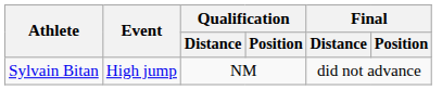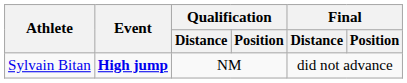 <table class=wikitable style="font-size:90%">
 <tr>
 <th rowspan="2">Athlete</th>
 <th rowspan="2">Event</th>
 <th colspan="2">Qualification</th>
 <th colspan="2">Final</th>
 </tr>
 <tr style="font-size:95%">
 <th>Distance</th>
 <th>Position</th>
 <th>Distance</th>
 <th>Position</th>
 </tr>
 <tr align=center>
 <td align=left><a href='#'>Sylvain Bitan</a></td>
-<td align=left><a href='#'>High jump</a></td>
+<td align=left><strong><a href='#'>High jump</a></strong></td>
 <td colspan=2>NM</td>
 <td colspan=2>did not advance</td>
 </tr>
 </table>
